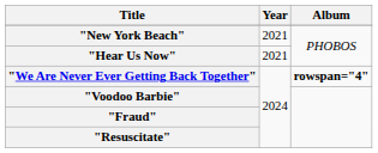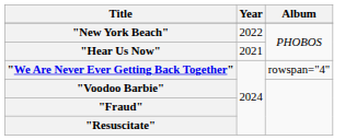 <table class="wikitable plainrowheaders" style="text-align:center;">
 <tr>
 <th scope="col">Title</th>
 <th scope="col">Year</th>
 <th scope="col">Album</th>
 </tr>
 <tr>
 </tr>
 <tr>
 <th scope="row">"New York Beach"</th>
-<td>2021</td>
+<td>2022</td>
 <td rowspan="2"><em>PHOBOS</em></td>
 </tr>
 <tr>
 <th scope="row">"Hear Us Now"</th>
 <td>2021</td>
 </tr>
 <tr>
 <th scope="row">"<a href='#'>We Are Never Ever Getting Back Together</a>"<br></th>
 <td rowspan="4">2024</td>
-<td><strong>rowspan="4" </strong></td>
+<td>rowspan="4" </td>
 </tr>
 <tr>
 <th scope="row">"Voodoo Barbie"</th>
 </tr>
 <tr>
 <th scope="row">"Fraud"</th>
 </tr>
 <tr>
 <th scope="row">"Resuscitate"<br></th>
 </tr>
 </table>
